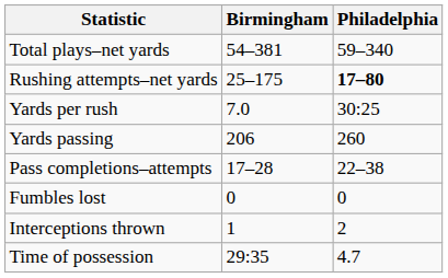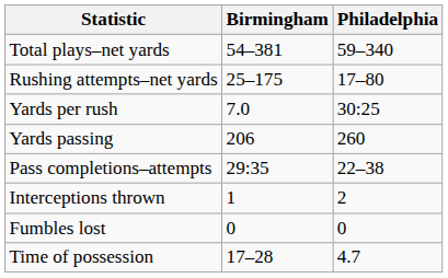 <table class="wikitable">
 <tr>
 <th>Statistic</th>
 <th>Birmingham</th>
 <th>Philadelphia</th>
 </tr>
 <tr>
 <td>Total plays–net yards</td>
 <td>54–381</td>
 <td>59–340</td>
 </tr>
 <tr>
 <td>Rushing attempts–net yards</td>
 <td>25–175</td>
-<td><strong>17–80</strong></td>
+<td>17–80</td>
 </tr>
 <tr>
 <td>Yards per rush</td>
 <td>7.0</td>
 <td>30:25</td>
 </tr>
 <tr>
 <td>Yards passing</td>
 <td>206</td>
 <td>260</td>
 </tr>
 <tr>
 <td>Pass completions–attempts</td>
-<td>17–28</td>
+<td>29:35</td>
 <td>22–38</td>
+</tr>
+<tr>
+<td>Interceptions thrown</td>
+<td>1</td>
+<td>2</td>
 </tr>
 <tr>
 <td>Fumbles lost</td>
 <td>0</td>
 <td>0</td>
 </tr>
 <tr>
-<td>Interceptions thrown</td>
-<td>1</td>
-<td>2</td>
-</tr>
-<tr>
 <td>Time of possession</td>
-<td>29:35</td>
+<td>17–28</td>
 <td>4.7</td>
 </tr>
 </table>
